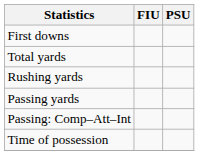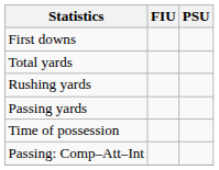 <table class="wikitable" style="float: left;">
 <tr>
 <th>Statistics</th>
 <th>FIU</th>
 <th>PSU</th>
 </tr>
 <tr>
 <td>First downs</td>
 <td></td>
 <td></td>
 </tr>
 <tr>
 <td>Total yards</td>
 <td></td>
 <td></td>
 </tr>
 <tr>
 <td>Rushing yards</td>
 <td></td>
 <td></td>
 </tr>
 <tr>
 <td>Passing yards</td>
 <td></td>
 <td></td>
 </tr>
 <tr>
-<td>Passing: Comp–Att–Int</td>
+<td>Time of possession</td>
 <td></td>
 <td></td>
 </tr>
 <tr>
-<td>Time of possession</td>
+<td>Passing: Comp–Att–Int</td>
 <td></td>
 <td></td>
 </tr>
 <tr>
 </tr>
 </table>
